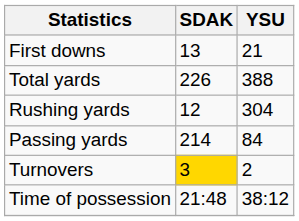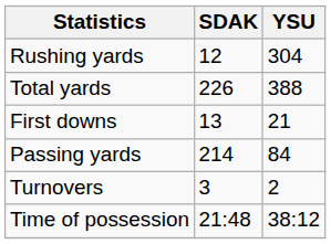 <table class="wikitable" style="float: left;">
 <tr>
 <th>Statistics</th>
 <th>SDAK</th>
 <th>YSU</th>
 </tr>
 <tr>
-<td>First downs</td>
-<td>13</td>
-<td>21</td>
+<td>Rushing yards</td>
+<td>12</td>
+<td>304</td>
 </tr>
 <tr>
 <td>Total yards</td>
 <td>226</td>
 <td>388</td>
 </tr>
 <tr>
-<td>Rushing yards</td>
-<td>12</td>
-<td>304</td>
+<td>First downs</td>
+<td>13</td>
+<td>21</td>
 </tr>
 <tr>
 <td>Passing yards</td>
 <td>214</td>
 <td>84</td>
 </tr>
 <tr>
 <td>Turnovers</td>
-<td style="background: gold;">3</td>
+<td>3</td>
 <td>2</td>
 </tr>
 <tr>
 <td>Time of possession</td>
 <td>21:48</td>
 <td>38:12</td>
 </tr>
 <tr>
 </tr>
 </table>
